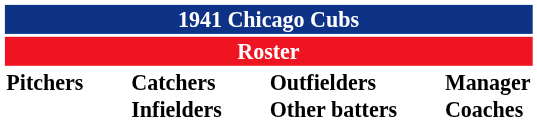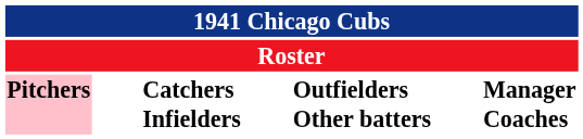 <table class="toccolours" style="font-size: 95%;">
 <tr>
 <th colspan="10" style="background-color: #0e3386; color: white; text-align: center;">1941 Chicago Cubs</th>
 </tr>
 <tr>
 <td colspan="10" style="background-color: #EE1422; color: white; text-align: center;"><strong>Roster</strong></td>
 </tr>
 <tr>
-<td valign="top"><strong>Pitchers</strong><br>                 </td>
+<td valign="top" style="background: pink;"><strong>Pitchers</strong><br>                 </td>
 <td width="25px"></td>
 <td valign="top"><strong>Catchers</strong><br>   <strong>Infielders</strong>          </td>
 <td width="25px"></td>
 <td valign="top"><strong>Outfielders</strong><br>         <strong>Other batters</strong> </td>
 <td width="25px"></td>
 <td valign="top"><strong>Manager</strong><br> <strong>Coaches</strong>    </td>
 </tr>
 </table>
